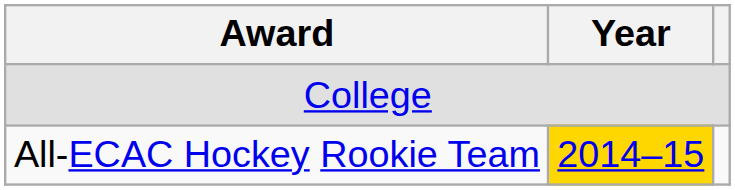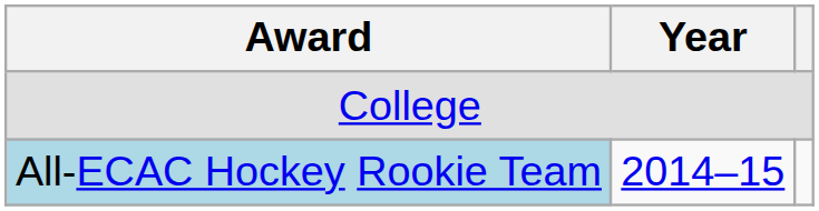 <table class="wikitable">
 <tr>
 <th>Award</th>
 <th>Year</th>
 <th></th>
 </tr>
 <tr ALIGN="center" bgcolor="#e0e0e0">
 <td colspan="3"><a href='#'>College</a></td>
 </tr>
 <tr>
-<td>All-<a href='#'>ECAC Hockey</a> <a href='#'>Rookie Team</a></td>
-<td style="background: gold;"><a href='#'>2014–15</a></td>
+<td style="background: lightblue;">All-<a href='#'>ECAC Hockey</a> <a href='#'>Rookie Team</a></td>
+<td><a href='#'>2014–15</a></td>
 <td></td>
 </tr>
 </table>
